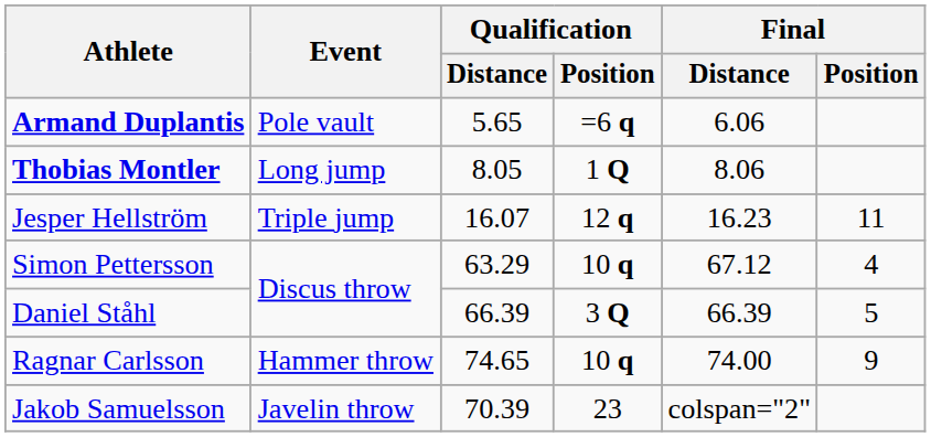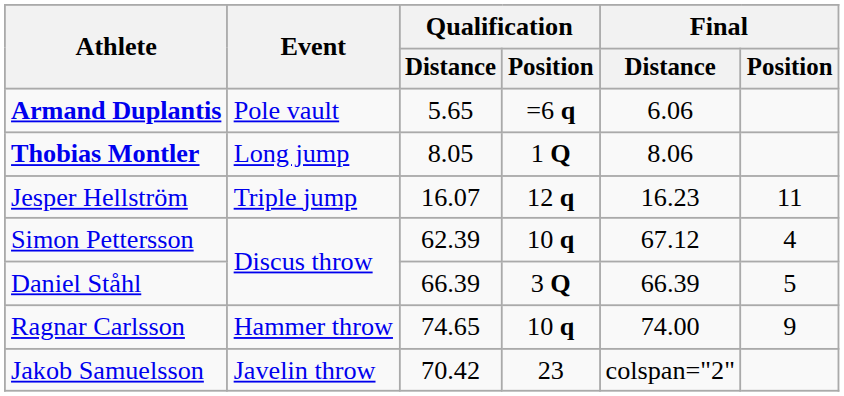 <table class="wikitable" style="font-size:90%">
 <tr>
 <th rowspan="2">Athlete</th>
 <th rowspan="2">Event</th>
 <th colspan="2">Qualification</th>
 <th colspan="2">Final</th>
 </tr>
 <tr style="font-size:95%">
 <th>Distance</th>
 <th>Position</th>
 <th>Distance</th>
 <th>Position</th>
 </tr>
 <tr align="center">
 <td align="left"><strong><a href='#'>Armand Duplantis</a></strong></td>
 <td align="left"><a href='#'>Pole vault</a></td>
 <td>5.65</td>
 <td>=6 <strong>q</strong></td>
 <td>6.06 </td>
 <td></td>
 </tr>
 <tr align="center">
 <td align="left"><strong><a href='#'>Thobias Montler</a></strong></td>
 <td align="left"><a href='#'>Long jump</a></td>
 <td>8.05</td>
 <td>1 <strong>Q</strong></td>
 <td>8.06</td>
 <td></td>
 </tr>
 <tr align="center">
 <td align="left"><a href='#'>Jesper Hellström</a></td>
 <td align="left"><a href='#'>Triple jump</a></td>
 <td>16.07</td>
 <td>12 <strong>q</strong></td>
 <td>16.23 </td>
 <td>11</td>
 </tr>
 <tr align="center">
 <td align="left"><a href='#'>Simon Pettersson</a></td>
 <td rowspan="2" align="left"><a href='#'>Discus throw</a></td>
-<td>63.29</td>
+<td>62.39</td>
 <td>10 <strong>q</strong></td>
 <td>67.12</td>
 <td>4</td>
 </tr>
 <tr align="center">
 <td align="left"><a href='#'>Daniel Ståhl</a></td>
 <td>66.39</td>
 <td>3 <strong>Q</strong></td>
 <td>66.39</td>
 <td>5</td>
 </tr>
 <tr align="center">
 <td align="left"><a href='#'>Ragnar Carlsson</a></td>
 <td align="left"><a href='#'>Hammer throw</a></td>
 <td>74.65</td>
 <td>10 <strong>q</strong></td>
 <td>74.00</td>
 <td>9</td>
 </tr>
 <tr align="center">
 <td align="left"><a href='#'>Jakob Samuelsson</a></td>
 <td align="left"><a href='#'>Javelin throw</a></td>
-<td>70.39</td>
+<td>70.42</td>
 <td>23</td>
 <td>colspan="2" </td>
 </tr>
 </table>
